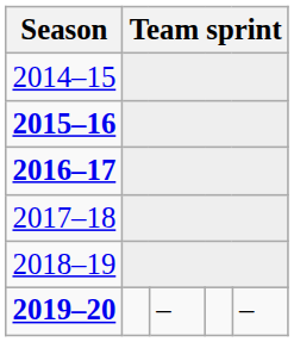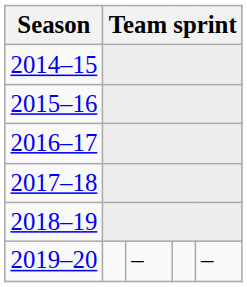 <table class="wikitable" style="display: inline-table;">
 <tr>
 <th>Season</th>
 <th colspan="12">Team sprint</th>
 </tr>
 <tr>
 <td><a href='#'>2014–15</a></td>
 <td colspan="4" bgcolor=#EEEEEE></td>
 </tr>
 <tr>
-<td><strong><a href='#'>2015–16</a></strong></td>
+<td><a href='#'>2015–16</a></td>
 <td colspan="4" bgcolor=#EEEEEE></td>
 </tr>
 <tr>
-<td><strong><a href='#'>2016–17</a></strong></td>
+<td><a href='#'>2016–17</a></td>
 <td colspan="4" bgcolor=#EEEEEE></td>
 </tr>
 <tr>
 <td><a href='#'>2017–18</a></td>
 <td colspan="4" bgcolor=#EEEEEE></td>
 </tr>
 <tr>
 <td><a href='#'>2018–19</a></td>
 <td colspan="4" bgcolor=#EEEEEE></td>
 </tr>
 <tr>
-<td><strong><a href='#'>2019–20</a></strong></td>
+<td><a href='#'>2019–20</a></td>
 <td></td>
 <td>–</td>
 <td></td>
 <td>–</td>
 </tr>
 </table>
